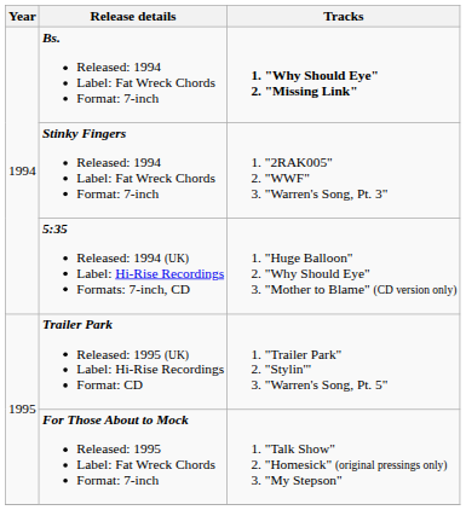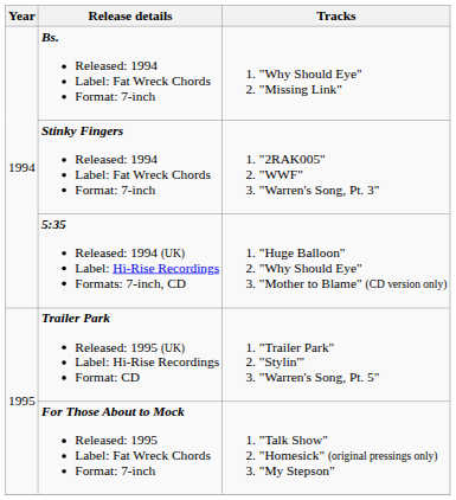 <table class ="wikitable">
 <tr>
 <th>Year</th>
 <th>Release details</th>
 <th>Tracks</th>
 </tr>
 <tr>
 <td rowspan="3">1994</td>
 <td><strong><em>Bs.</em></strong><br><ul><li>Released: 1994</li><li>Label: Fat Wreck Chords</li><li>Format: 7-inch</li></ul></td>
-<td><strong><br><ol><li>"Why Should Eye"</li><li>"Missing Link"</li></ol></strong></td>
+<td><br><ol><li>"Why Should Eye"</li><li>"Missing Link"</li></ol></td>
 </tr>
 <tr>
 <td><strong><em>Stinky Fingers</em></strong><br><ul><li>Released: 1994</li><li>Label: Fat Wreck Chords</li><li>Format: 7-inch</li></ul></td>
 <td><br><ol><li>"2RAK005"</li><li>"WWF"</li><li>"Warren's Song, Pt. 3"</li></ol></td>
 </tr>
 <tr>
 <td><strong><em>5:35</em></strong><br><ul><li>Released: 1994 <small>(UK)</small></li><li>Label: <a href='#'>Hi-Rise Recordings</a></li><li>Formats: 7-inch, CD</li></ul></td>
 <td><br><ol><li>"Huge Balloon"</li><li>"Why Should Eye"</li><li>"Mother to Blame" <small>(CD version only)</small></li></ol></td>
 </tr>
 <tr>
 <td rowspan="2">1995</td>
 <td><strong><em>Trailer Park</em></strong><br><ul><li>Released: 1995 <small>(UK)</small></li><li>Label: Hi-Rise Recordings</li><li>Format: CD</li></ul></td>
 <td><br><ol><li>"Trailer Park"</li><li>"Stylin'"</li><li>"Warren's Song, Pt. 5"</li></ol></td>
 </tr>
 <tr>
 <td><strong><em>For Those About to Mock</em></strong><br><ul><li>Released: 1995</li><li>Label: Fat Wreck Chords</li><li>Format: 7-inch</li></ul></td>
 <td><br><ol><li>"Talk Show"</li><li>"Homesick" <small>(original pressings only)</small></li><li>"My Stepson"</li></ol></td>
 </tr>
 <tr>
 </tr>
 </table>
